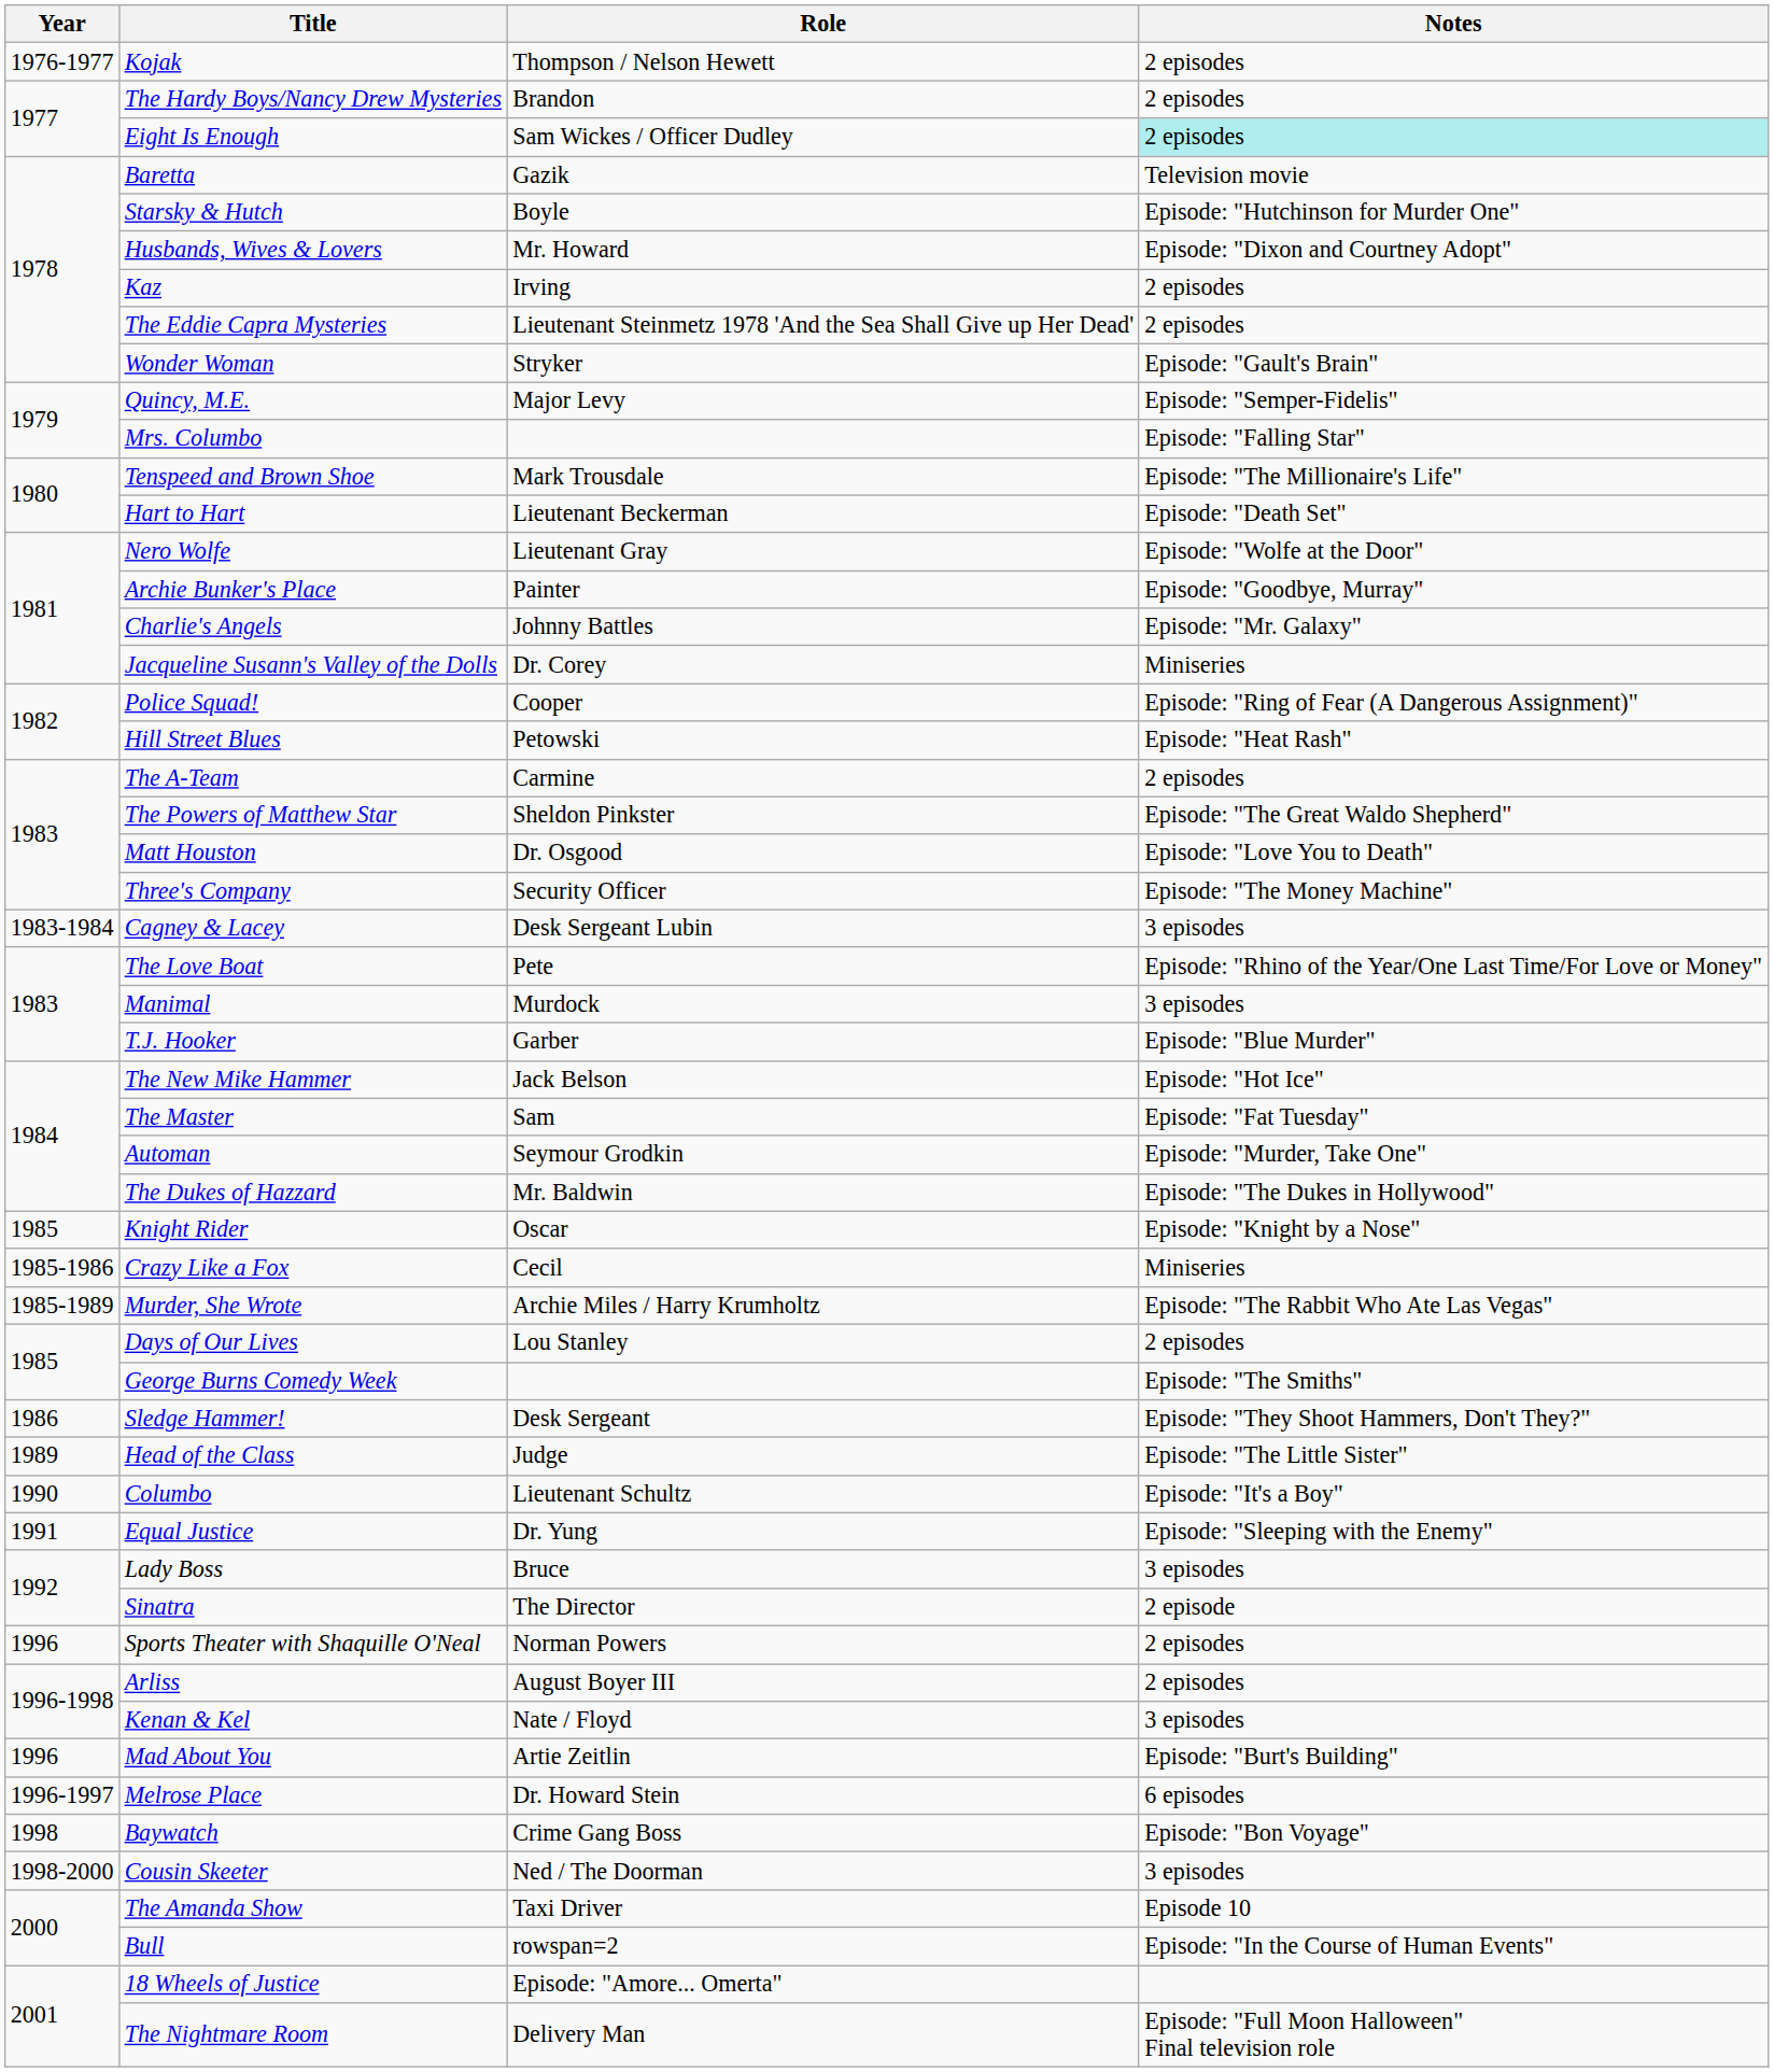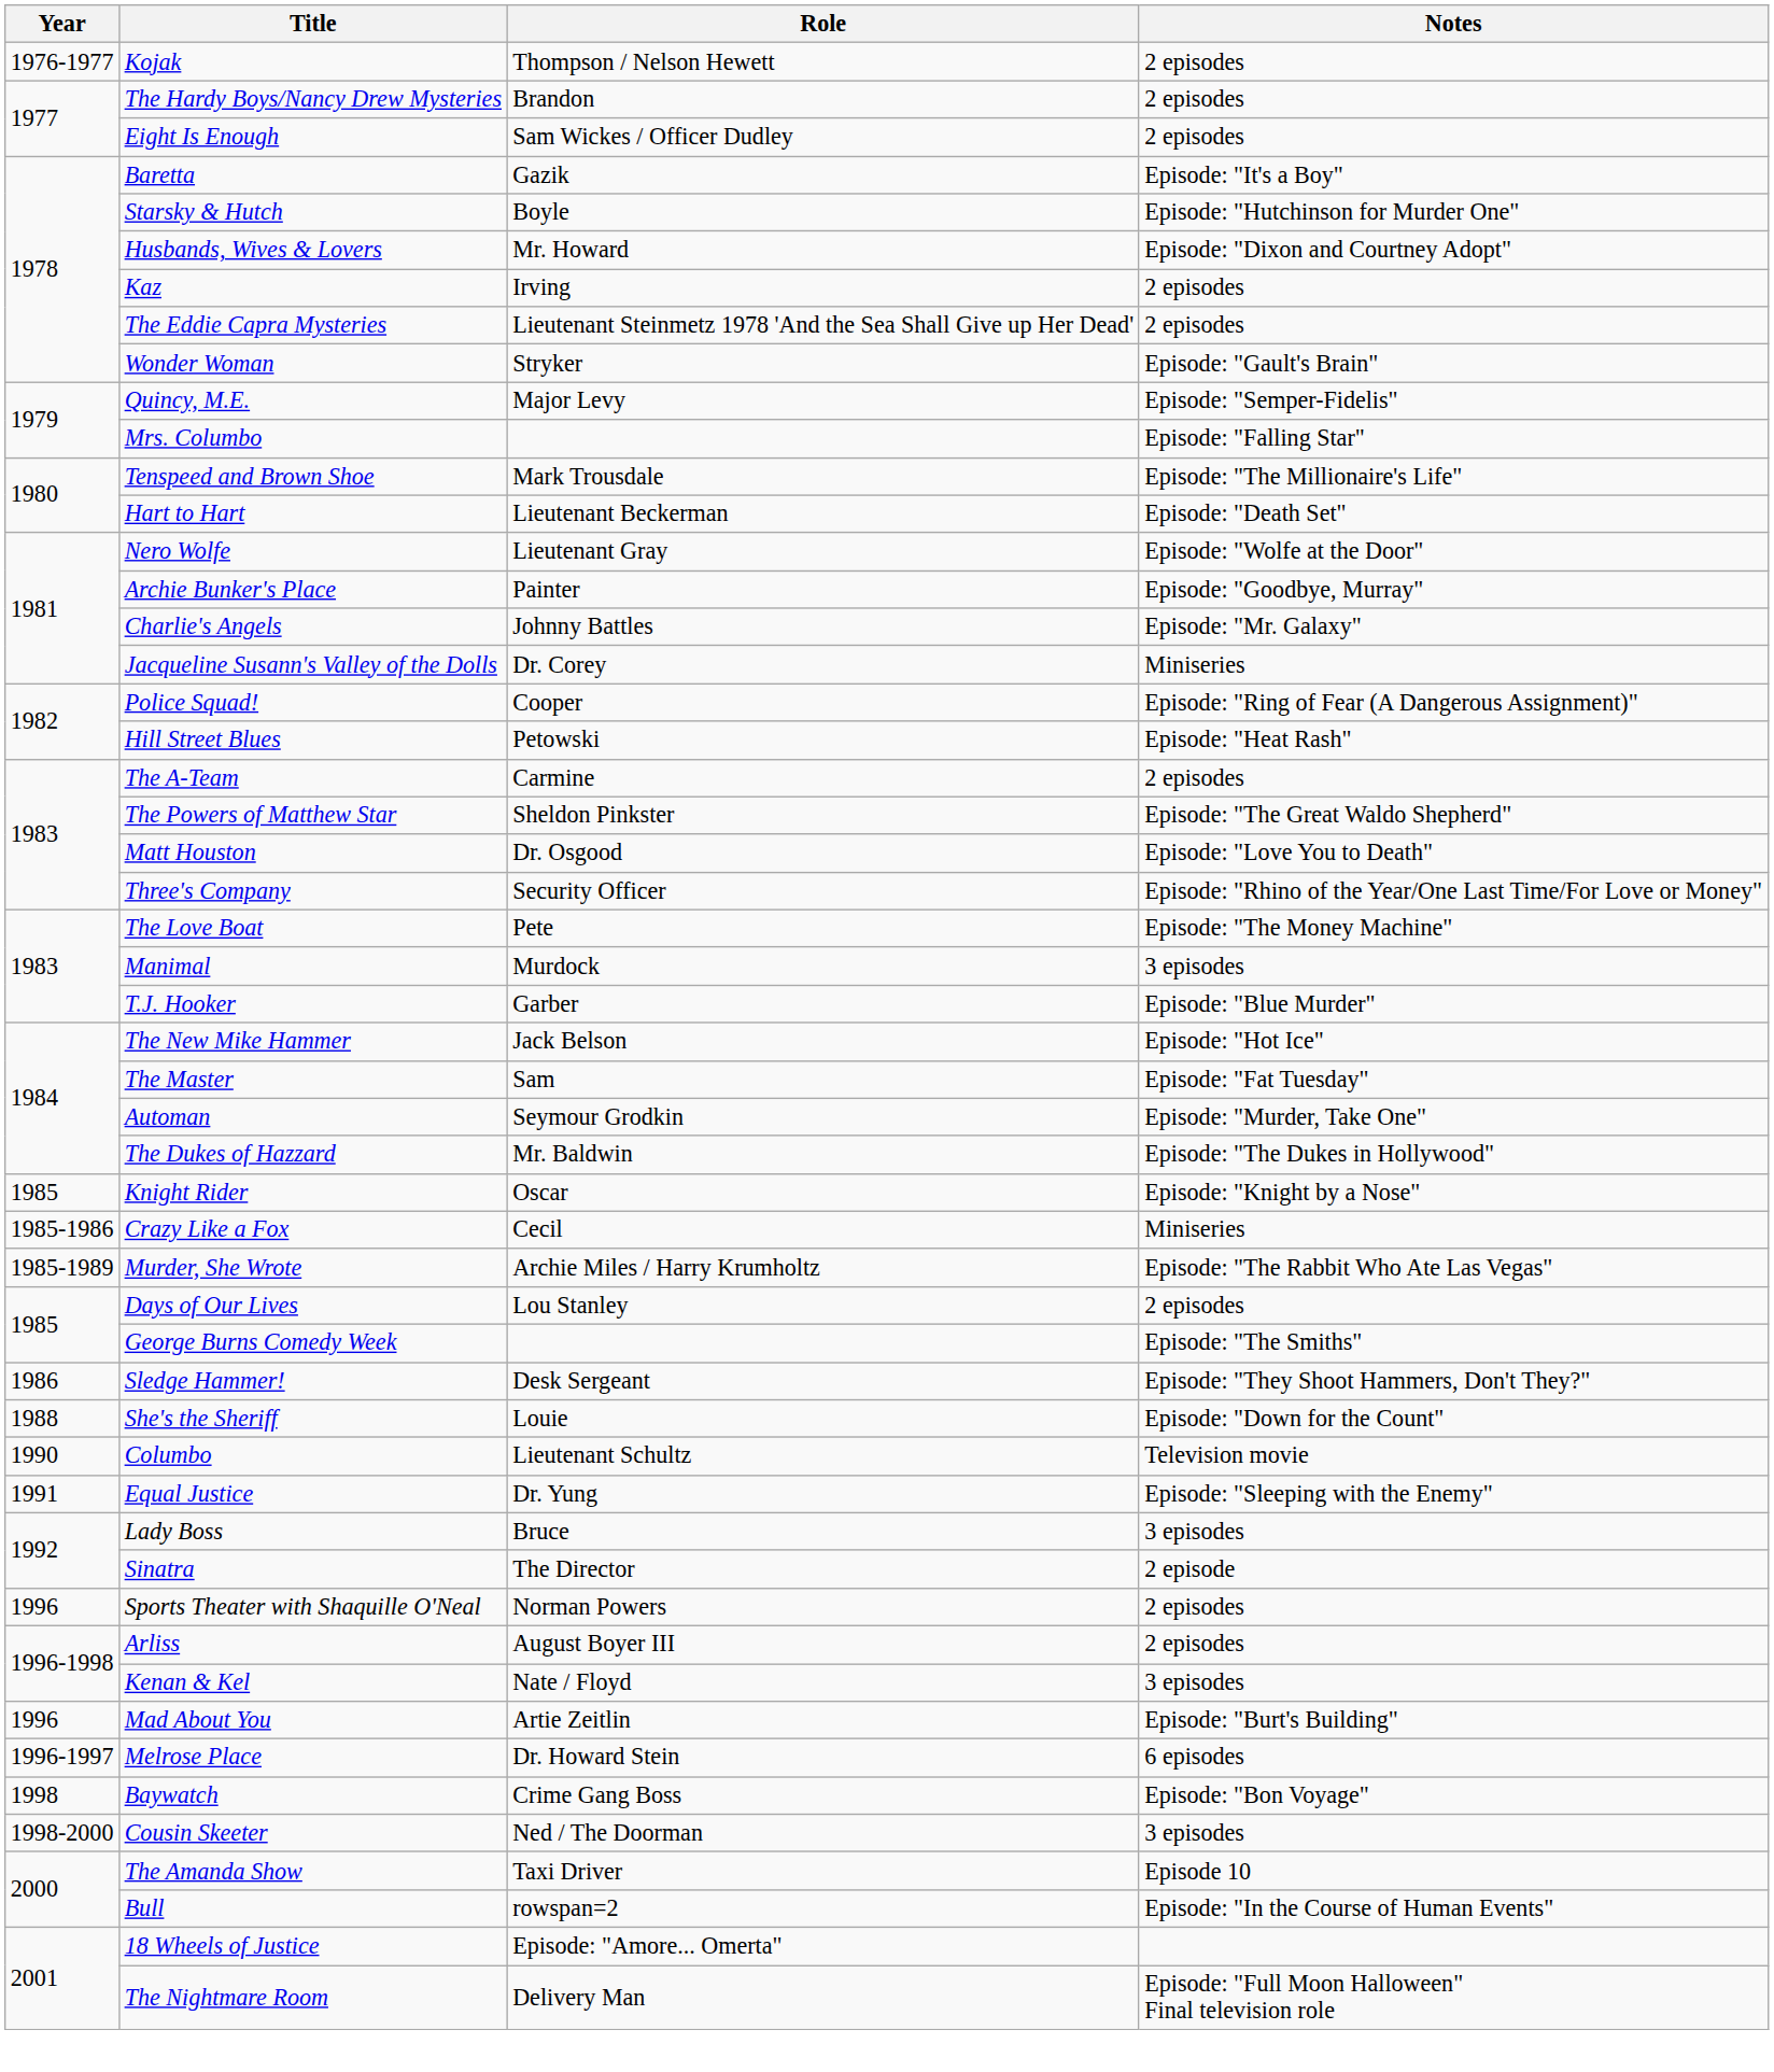 <table class="wikitable sortable">
 <tr>
 <th>Year</th>
 <th>Title</th>
 <th>Role</th>
 <th>Notes</th>
 </tr>
 <tr>
 <td>1976-1977</td>
 <td><em><a href='#'>Kojak</a></em></td>
 <td>Thompson / Nelson Hewett</td>
 <td>2 episodes</td>
 </tr>
 <tr>
 <td rowspan=2>1977</td>
 <td><em><a href='#'>The Hardy Boys/Nancy Drew Mysteries</a></em></td>
 <td>Brandon</td>
 <td>2 episodes</td>
 </tr>
 <tr>
 <td><em><a href='#'>Eight Is Enough</a></em></td>
 <td>Sam Wickes / Officer Dudley</td>
-<td style="background: paleturquoise;">2 episodes</td>
+<td>2 episodes</td>
 </tr>
 <tr>
 <td rowspan=6>1978</td>
 <td><em><a href='#'>Baretta</a></em></td>
 <td>Gazik</td>
-<td>Television movie</td>
+<td>Episode: "It's a Boy"</td>
 </tr>
 <tr>
 <td><em><a href='#'>Starsky & Hutch</a></em></td>
 <td>Boyle</td>
 <td>Episode: "Hutchinson for Murder One"</td>
 </tr>
 <tr>
 <td><em><a href='#'>Husbands, Wives & Lovers</a></em></td>
 <td>Mr. Howard</td>
 <td>Episode: "Dixon and Courtney Adopt"</td>
 </tr>
 <tr>
 <td><em><a href='#'>Kaz</a></em></td>
 <td>Irving</td>
 <td>2 episodes</td>
 </tr>
 <tr>
 <td><em><a href='#'>The Eddie Capra Mysteries</a></em></td>
 <td>Lieutenant Steinmetz 1978 'And the Sea Shall Give up Her Dead'</td>
 <td>2 episodes</td>
 </tr>
 <tr>
 <td><em><a href='#'>Wonder Woman</a></em></td>
 <td>Stryker</td>
 <td>Episode: "Gault's Brain"</td>
 </tr>
 <tr>
 <td rowspan=2>1979</td>
 <td><em><a href='#'>Quincy, M.E.</a></em></td>
 <td>Major Levy</td>
 <td>Episode: "Semper-Fidelis"</td>
 </tr>
 <tr>
 <td><em><a href='#'>Mrs. Columbo</a></em></td>
 <td></td>
 <td>Episode: "Falling Star"</td>
 </tr>
 <tr>
 <td rowspan=2>1980</td>
 <td><em><a href='#'>Tenspeed and Brown Shoe</a></em></td>
 <td>Mark Trousdale</td>
 <td>Episode: "The Millionaire's Life"</td>
 </tr>
 <tr>
 <td><em><a href='#'>Hart to Hart</a></em></td>
 <td>Lieutenant Beckerman</td>
 <td>Episode: "Death Set"</td>
 </tr>
 <tr>
 <td rowspan=4>1981</td>
 <td><em><a href='#'>Nero Wolfe</a></em></td>
 <td>Lieutenant Gray</td>
 <td>Episode: "Wolfe at the Door"</td>
 </tr>
 <tr>
 <td><em><a href='#'>Archie Bunker's Place</a></em></td>
 <td>Painter</td>
 <td>Episode: "Goodbye, Murray"</td>
 </tr>
 <tr>
 <td><em><a href='#'>Charlie's Angels</a></em></td>
 <td>Johnny Battles</td>
 <td>Episode: "Mr. Galaxy"</td>
 </tr>
 <tr>
 <td><em><a href='#'>Jacqueline Susann's Valley of the Dolls</a></em></td>
 <td>Dr. Corey</td>
 <td>Miniseries</td>
 </tr>
 <tr>
 <td rowspan=2>1982</td>
 <td><em><a href='#'>Police Squad!</a></em></td>
 <td>Cooper</td>
 <td>Episode: "Ring of Fear (A Dangerous Assignment)"</td>
 </tr>
 <tr>
 <td><em><a href='#'>Hill Street Blues</a></em></td>
 <td>Petowski</td>
 <td>Episode: "Heat Rash"</td>
 </tr>
 <tr>
 <td rowspan=4>1983</td>
 <td><em><a href='#'>The A-Team</a></em></td>
 <td>Carmine</td>
 <td>2 episodes</td>
 </tr>
 <tr>
 <td><em><a href='#'>The Powers of Matthew Star</a></em></td>
 <td>Sheldon Pinkster</td>
 <td>Episode: "The Great Waldo Shepherd"</td>
 </tr>
 <tr>
 <td><em><a href='#'>Matt Houston</a></em></td>
 <td>Dr. Osgood</td>
 <td>Episode: "Love You to Death"</td>
 </tr>
 <tr>
 <td><em><a href='#'>Three's Company</a></em></td>
 <td>Security Officer</td>
-<td>Episode: "The Money Machine"</td>
-</tr>
-<tr>
-<td>1983-1984</td>
-<td><em><a href='#'>Cagney & Lacey</a></em></td>
-<td>Desk Sergeant Lubin</td>
-<td>3 episodes</td>
+<td>Episode: "Rhino of the Year/One Last Time/For Love or Money"</td>
 </tr>
 <tr>
 <td rowspan=3>1983</td>
 <td><em><a href='#'>The Love Boat</a></em></td>
 <td>Pete</td>
-<td>Episode: "Rhino of the Year/One Last Time/For Love or Money"</td>
+<td>Episode: "The Money Machine"</td>
 </tr>
 <tr>
 <td><em><a href='#'>Manimal</a></em></td>
 <td>Murdock</td>
 <td>3 episodes</td>
 </tr>
 <tr>
 <td><em><a href='#'>T.J. Hooker</a></em></td>
 <td>Garber</td>
 <td>Episode: "Blue Murder"</td>
 </tr>
 <tr>
 <td rowspan=4>1984</td>
 <td><em><a href='#'>The New Mike Hammer</a></em></td>
 <td>Jack Belson</td>
 <td>Episode: "Hot Ice"</td>
 </tr>
 <tr>
 <td><em><a href='#'>The Master</a></em></td>
 <td>Sam</td>
 <td>Episode: "Fat Tuesday"</td>
 </tr>
 <tr>
 <td><em><a href='#'>Automan</a></em></td>
 <td>Seymour Grodkin</td>
 <td>Episode: "Murder, Take One"</td>
 </tr>
 <tr>
 <td><em><a href='#'>The Dukes of Hazzard</a></em></td>
 <td>Mr. Baldwin</td>
 <td>Episode: "The Dukes in Hollywood"</td>
 </tr>
 <tr>
 <td>1985</td>
 <td><em><a href='#'>Knight Rider</a></em></td>
 <td>Oscar</td>
 <td>Episode: "Knight by a Nose"</td>
 </tr>
 <tr>
 <td>1985-1986</td>
 <td><em><a href='#'>Crazy Like a Fox</a></em></td>
 <td>Cecil</td>
 <td>Miniseries</td>
 </tr>
 <tr>
 <td>1985-1989</td>
 <td><em><a href='#'>Murder, She Wrote</a></em></td>
 <td>Archie Miles / Harry Krumholtz</td>
 <td>Episode: "The Rabbit Who Ate Las Vegas"</td>
 </tr>
 <tr>
 <td rowspan=2>1985</td>
 <td><em><a href='#'>Days of Our Lives</a></em></td>
 <td>Lou Stanley</td>
 <td>2 episodes</td>
 </tr>
 <tr>
 <td><em><a href='#'>George Burns Comedy Week</a></em></td>
 <td></td>
 <td>Episode: "The Smiths"</td>
 </tr>
 <tr>
 <td>1986</td>
 <td><em><a href='#'>Sledge Hammer!</a></em></td>
 <td>Desk Sergeant</td>
 <td>Episode: "They Shoot Hammers, Don't They?"</td>
 </tr>
 <tr>
-<td>1989</td>
-<td><em><a href='#'>Head of the Class</a></em></td>
-<td>Judge</td>
-<td>Episode: "The Little Sister"</td>
+<td>1988</td>
+<td><em><a href='#'>She's the Sheriff</a></em></td>
+<td>Louie</td>
+<td>Episode: "Down for the Count"</td>
 </tr>
 <tr>
 <td>1990</td>
 <td><em><a href='#'>Columbo</a></em></td>
 <td>Lieutenant Schultz</td>
-<td>Episode: "It's a Boy"</td>
+<td>Television movie</td>
 </tr>
 <tr>
 <td>1991</td>
 <td><em><a href='#'>Equal Justice</a></em></td>
 <td>Dr. Yung</td>
 <td>Episode: "Sleeping with the Enemy"</td>
 </tr>
 <tr>
 <td rowspan=2>1992</td>
 <td><em>Lady Boss</em></td>
 <td>Bruce</td>
 <td>3 episodes</td>
 </tr>
 <tr>
 <td><em><a href='#'>Sinatra</a></em></td>
 <td>The Director</td>
 <td>2 episode</td>
 </tr>
 <tr>
 <td>1996</td>
 <td><em>Sports Theater with Shaquille O'Neal</em></td>
 <td>Norman Powers</td>
 <td>2 episodes</td>
 </tr>
 <tr>
 <td rowspan=2>1996-1998</td>
 <td><em><a href='#'>Arliss</a></em></td>
 <td>August Boyer III</td>
 <td>2 episodes</td>
 </tr>
 <tr>
 <td><em><a href='#'>Kenan & Kel</a></em></td>
 <td>Nate / Floyd</td>
 <td>3 episodes</td>
 </tr>
 <tr>
 <td>1996</td>
 <td><em><a href='#'>Mad About You</a></em></td>
 <td>Artie Zeitlin</td>
 <td>Episode: "Burt's Building"</td>
 </tr>
 <tr>
 <td>1996-1997</td>
 <td><em><a href='#'>Melrose Place</a></em></td>
 <td>Dr. Howard Stein</td>
 <td>6 episodes</td>
 </tr>
 <tr>
 <td>1998</td>
 <td><em><a href='#'>Baywatch</a></em></td>
 <td>Crime Gang Boss</td>
 <td>Episode: "Bon Voyage"</td>
 </tr>
 <tr>
 <td>1998-2000</td>
 <td><em><a href='#'>Cousin Skeeter</a></em></td>
 <td>Ned / The Doorman</td>
 <td>3 episodes</td>
 </tr>
 <tr>
 <td rowspan=2>2000</td>
 <td><em><a href='#'>The Amanda Show</a></em></td>
 <td>Taxi Driver</td>
 <td>Episode 10</td>
 </tr>
 <tr>
 <td><em><a href='#'>Bull</a></em></td>
 <td>rowspan=2 </td>
 <td>Episode: "In the Course of Human Events"</td>
 </tr>
 <tr>
 <td rowspan=2>2001</td>
 <td><em><a href='#'>18 Wheels of Justice</a></em></td>
 <td>Episode: "Amore... Omerta"</td>
 </tr>
 <tr>
 <td><em><a href='#'>The Nightmare Room</a></em></td>
 <td>Delivery Man</td>
 <td>Episode: "Full Moon Halloween"<br>Final television role</td>
 </tr>
 </table>
